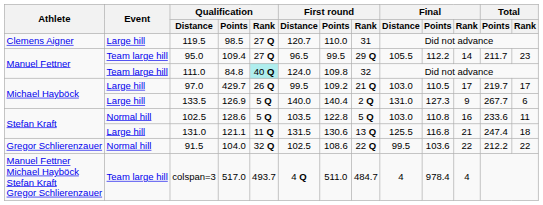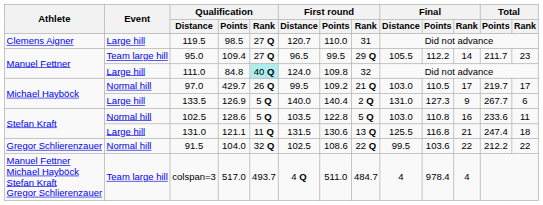 <table class="wikitable" style="font-size:90%">
 <tr>
 <th rowspan=2>Athlete</th>
 <th rowspan=2>Event</th>
 <th colspan=3>Qualification</th>
 <th colspan=3>First round</th>
 <th colspan=3>Final</th>
 <th colspan=2>Total</th>
 </tr>
 <tr style="font-size:95%">
 <th>Distance</th>
 <th>Points</th>
 <th>Rank</th>
 <th>Distance</th>
 <th>Points</th>
 <th>Rank</th>
 <th>Distance</th>
 <th>Points</th>
 <th>Rank</th>
 <th>Points</th>
 <th>Rank</th>
 </tr>
 <tr align=center>
 <td align=left><a href='#'>Clemens Aigner</a></td>
 <td align=left><a href='#'>Large hill</a></td>
 <td>119.5</td>
 <td>98.5</td>
 <td>27 <strong>Q</strong></td>
 <td>120.7</td>
 <td>110.0</td>
 <td>31</td>
 <td colspan=5>Did not advance</td>
 </tr>
 <tr align=center>
 <td align=left rowspan=2><a href='#'>Manuel Fettner</a></td>
 <td align=left><a href='#'>Team large hill</a></td>
 <td>95.0</td>
 <td>109.4</td>
 <td>27 <strong>Q</strong></td>
 <td>96.5</td>
 <td>99.5</td>
 <td>29 <strong>Q</strong></td>
 <td>105.5</td>
 <td>112.2</td>
 <td>14</td>
 <td>211.7</td>
 <td>23</td>
 </tr>
 <tr align=center>
-<td align=left><a href='#'>Team large hill</a></td>
+<td align=left><a href='#'>Large hill</a></td>
 <td>111.0</td>
 <td>84.8</td>
 <td style="background: paleturquoise;">40 <strong>Q</strong></td>
 <td>124.0</td>
 <td>109.8</td>
 <td>32</td>
 <td colspan=5>Did not advance</td>
 </tr>
 <tr align=center>
 <td align=left rowspan=2><a href='#'>Michael Hayböck</a></td>
-<td align=left><a href='#'>Large hill</a></td>
+<td align=left><a href='#'>Normal hill</a></td>
 <td>97.0</td>
 <td>429.7</td>
 <td>26 <strong>Q</strong></td>
 <td>99.5</td>
 <td>109.2</td>
 <td>21 <strong>Q</strong></td>
 <td>103.0</td>
 <td>110.5</td>
 <td>17</td>
 <td>219.7</td>
 <td>17</td>
 </tr>
 <tr align=center>
 <td align=left><a href='#'>Large hill</a></td>
 <td>133.5</td>
 <td>126.9</td>
 <td>5 <strong>Q</strong></td>
 <td>140.0</td>
 <td>140.4</td>
 <td>2 <strong>Q</strong></td>
 <td>131.0</td>
 <td>127.3</td>
 <td>9</td>
 <td>267.7</td>
 <td>6</td>
 </tr>
 <tr align=center>
 <td align=left rowspan=2><a href='#'>Stefan Kraft</a></td>
 <td align=left><a href='#'>Normal hill</a></td>
 <td>102.5</td>
 <td>128.6</td>
 <td>5 <strong>Q</strong></td>
 <td>103.5</td>
 <td>122.8</td>
 <td>5 <strong>Q</strong></td>
 <td>103.0</td>
 <td>110.8</td>
 <td>16</td>
 <td>233.6</td>
 <td>11</td>
 </tr>
 <tr align=center>
 <td align=left><a href='#'>Large hill</a></td>
 <td>131.0</td>
 <td>121.1</td>
 <td>11 <strong>Q</strong></td>
 <td>131.5</td>
 <td>130.6</td>
 <td>13 <strong>Q</strong></td>
 <td>125.5</td>
 <td>116.8</td>
 <td>21</td>
 <td>247.4</td>
 <td>18</td>
 </tr>
 <tr align=center>
 <td align=left><a href='#'>Gregor Schlierenzauer</a></td>
 <td align=left><a href='#'>Normal hill</a></td>
 <td>91.5</td>
 <td>104.0</td>
 <td>32 <strong>Q</strong></td>
 <td>102.5</td>
 <td>108.6</td>
 <td>22 <strong>Q</strong></td>
 <td>99.5</td>
 <td>103.6</td>
 <td>22</td>
 <td>212.2</td>
 <td>22</td>
 </tr>
 <tr align=center>
 <td align=left><a href='#'>Manuel Fettner</a><br><a href='#'>Michael Hayböck</a><br><a href='#'>Stefan Kraft</a><br><a href='#'>Gregor Schlierenzauer</a></td>
 <td align=left><a href='#'>Team large hill</a></td>
 <td>colspan=3 </td>
 <td>517.0</td>
 <td>493.7</td>
 <td>4 <strong>Q</strong></td>
 <td>511.0</td>
 <td>484.7</td>
 <td>4</td>
 <td>978.4</td>
 <td>4</td>
 </tr>
 </table>
